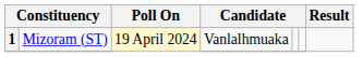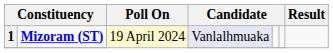 <table class="wikitable" style="text-align:center;">
 <tr>
 <th colspan="2">Constituency</th>
 <th>Poll On</th>
 <th colspan="3">Candidate</th>
 <th>Result</th>
 </tr>
 <tr>
 <th>1</th>
-<td><a href='#'>Mizoram (ST)</a></td>
+<td><strong><a href='#'>Mizoram (ST)</a></strong></td>
 <td rowspan="4" bgcolor=#FFFACD>19 April 2024</td>
-<td>Vanlalhmuaka</td>
+<td style="background: lavender;">Vanlalhmuaka</td>
 <td></td>
 <td></td>
 </tr>
 <tr>
 </tr>
 </table>
